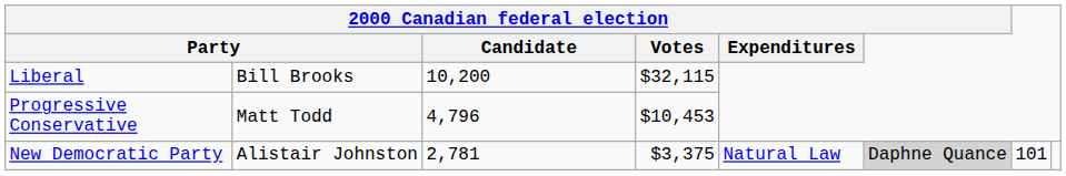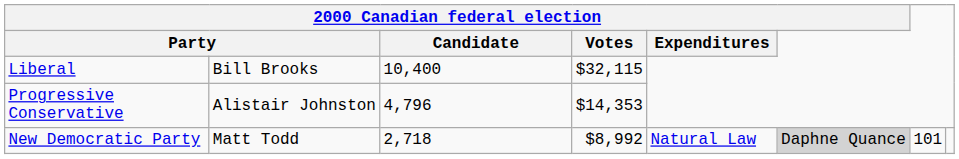 <table class="wikitable">
 <tr>
 <th colspan="6"><a href='#'>2000 Canadian federal election</a></th>
 </tr>
 <tr>
 <th colspan="2" style="width: 170px">Party</th>
 <th style="width: 150px">Candidate</th>
 <th style="width: 40px">Votes</th>
 <th style="width: 100px">Expenditures<br></th>
 </tr>
 <tr>
 <td><a href='#'>Liberal</a></td>
 <td>Bill Brooks</td>
-<td>10,200</td>
+<td>10,400</td>
 <td align="right">$32,115</td>
 </tr>
 <tr>
 <td style="width: 160px"><a href='#'>Progressive Conservative</a></td>
-<td>Matt Todd</td>
+<td>Alistair Johnston</td>
 <td>4,796</td>
-<td align="right">$10,453</td>
+<td align="right">$14,353</td>
 </tr>
 <tr>
 <td><a href='#'>New Democratic Party</a></td>
-<td>Alistair Johnston</td>
-<td>2,781</td>
-<td align="right">$3,375<br>  </td>
+<td>Matt Todd</td>
+<td>2,718</td>
+<td align="right">$8,992<br>  </td>
 <td><a href='#'>Natural Law</a></td>
 <td style="background: lightgrey;">Daphne Quance</td>
 <td>101</td>
 <td></td>
 </tr>
 </table>
